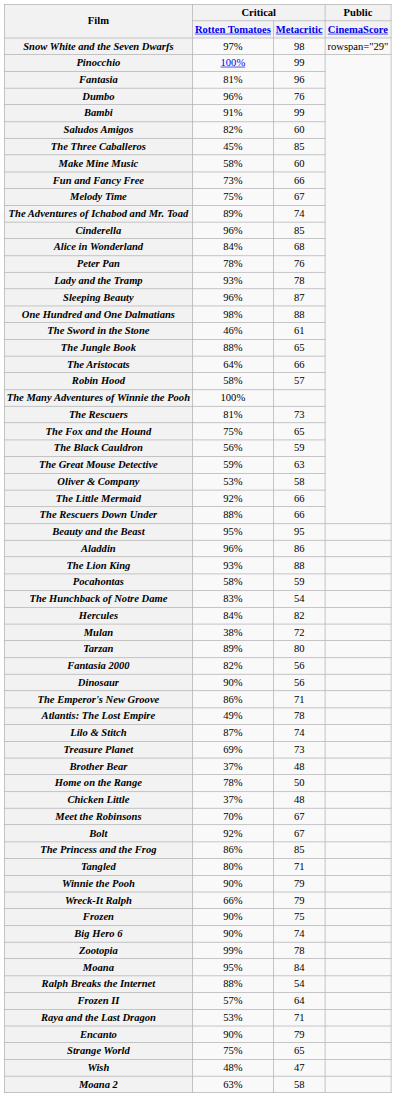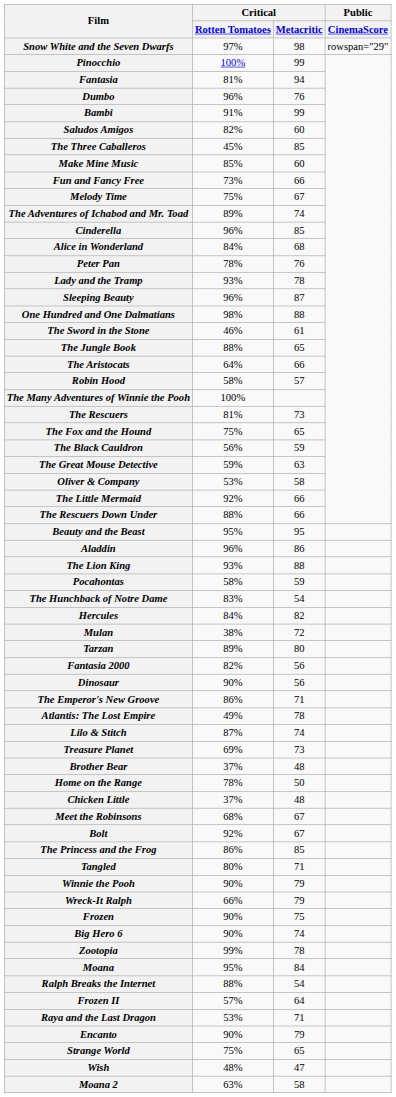 <table class="wikitable plainrowheaders sortable" style="text-align: center;">
 <tr>
 <th scope="col" rowspan="2">Film</th>
 <th scope="col" colspan="2">Critical</th>
 <th scope="col" colspan="2">Public</th>
 </tr>
 <tr>
 <th scope="col"><a href='#'>Rotten Tomatoes</a></th>
 <th scope="col"><a href='#'>Metacritic</a></th>
 <th scope="col"><a href='#'>CinemaScore</a></th>
 </tr>
 <tr>
 <th scope="row"><em>Snow White and the Seven Dwarfs</em></th>
 <td>97%</td>
 <td>98</td>
 <td>rowspan="29" </td>
 </tr>
 <tr>
 <th scope="row"><em>Pinocchio</em></th>
 <td><a href='#'>100%</a></td>
 <td>99</td>
 </tr>
 <tr>
 <th scope="row"><em>Fantasia</em></th>
 <td>81%</td>
-<td>96</td>
+<td>94</td>
 </tr>
 <tr>
 <th scope="row"><em>Dumbo</em></th>
 <td>96%</td>
 <td>76</td>
 </tr>
 <tr>
 <th scope="row"><em>Bambi</em></th>
 <td>91%</td>
 <td>99</td>
 </tr>
 <tr>
 <th scope="row"><em>Saludos Amigos</em></th>
 <td>82%</td>
 <td>60</td>
 </tr>
 <tr>
 <th scope="row"><em>The Three Caballeros</em></th>
 <td>45%</td>
 <td>85</td>
 </tr>
 <tr>
 <th scope="row"><em>Make Mine Music</em></th>
-<td>58%</td>
+<td>85%</td>
 <td>60</td>
 </tr>
 <tr>
 <th scope="row"><em>Fun and Fancy Free</em></th>
 <td>73%</td>
 <td>66</td>
 </tr>
 <tr>
 <th scope="row"><em>Melody Time</em></th>
 <td>75%</td>
 <td>67</td>
 </tr>
 <tr>
 <th scope="row"><em>The Adventures of Ichabod and Mr. Toad</em></th>
 <td>89%</td>
 <td>74</td>
 </tr>
 <tr>
 <th scope="row"><em>Cinderella</em></th>
 <td>96%</td>
 <td>85</td>
 </tr>
 <tr>
 <th scope="row"><em>Alice in Wonderland</em></th>
 <td>84%</td>
 <td>68</td>
 </tr>
 <tr>
 <th scope="row"><em>Peter Pan</em></th>
 <td>78%</td>
 <td>76</td>
 </tr>
 <tr>
 <th scope="row"><em>Lady and the Tramp</em></th>
 <td>93%</td>
 <td>78</td>
 </tr>
 <tr>
 <th scope="row"><em>Sleeping Beauty</em></th>
 <td>96%</td>
 <td>87</td>
 </tr>
 <tr>
 <th scope="row"><em>One Hundred and One Dalmatians</em></th>
 <td>98%</td>
 <td>88</td>
 </tr>
 <tr>
 <th scope="row"><em>The Sword in the Stone</em></th>
 <td>46%</td>
 <td>61</td>
 </tr>
 <tr>
 <th scope="row"><em>The Jungle Book</em></th>
 <td>88%</td>
 <td>65</td>
 </tr>
 <tr>
 <th scope="row"><em>The Aristocats</em></th>
 <td>64%</td>
 <td>66</td>
 </tr>
 <tr>
 <th scope="row"><em>Robin Hood</em></th>
 <td>58%</td>
 <td>57</td>
 </tr>
 <tr>
 <th scope="row"><em>The Many Adventures of Winnie the Pooh</em></th>
 <td>100%</td>
 <td></td>
 </tr>
 <tr>
 <th scope="row"><em>The Rescuers</em></th>
 <td>81%</td>
 <td>73</td>
 </tr>
 <tr>
 <th scope="row"><em>The Fox and the Hound</em></th>
 <td>75%</td>
 <td>65</td>
 </tr>
 <tr>
 <th scope="row"><em>The Black Cauldron</em></th>
 <td>56%</td>
 <td>59</td>
 </tr>
 <tr>
 <th scope="row"><em>The Great Mouse Detective</em></th>
 <td>59%</td>
 <td>63</td>
 </tr>
 <tr>
 <th scope="row"><em>Oliver & Company</em></th>
 <td>53%</td>
 <td>58</td>
 </tr>
 <tr>
 <th scope="row"><em>The Little Mermaid</em></th>
 <td>92%</td>
 <td>66</td>
 </tr>
 <tr>
 <th scope="row"><em>The Rescuers Down Under</em></th>
 <td>88%</td>
 <td>66</td>
 </tr>
 <tr>
 <th scope="row"><em>Beauty and the Beast</em></th>
 <td>95%</td>
 <td>95</td>
 <td></td>
 </tr>
 <tr>
 <th scope="row"><em>Aladdin</em></th>
 <td>96%</td>
 <td>86</td>
 <td></td>
 </tr>
 <tr>
 <th scope="row"><em>The Lion King</em></th>
 <td>93%</td>
 <td>88</td>
 <td></td>
 </tr>
 <tr>
 <th scope="row"><em>Pocahontas</em></th>
 <td>58%</td>
 <td>59</td>
 <td></td>
 </tr>
 <tr>
 <th scope="row"><em>The Hunchback of Notre Dame</em></th>
 <td>83%</td>
 <td>54</td>
 <td></td>
 </tr>
 <tr>
 <th scope="row"><em>Hercules</em></th>
 <td>84%</td>
 <td>82</td>
 <td></td>
 </tr>
 <tr>
 <th scope="row"><em>Mulan</em></th>
 <td>38%</td>
 <td>72</td>
 <td></td>
 </tr>
 <tr>
 <th scope="row"><em>Tarzan</em></th>
 <td>89%</td>
 <td>80</td>
 <td></td>
 </tr>
 <tr>
 <th scope="row"><em>Fantasia 2000</em></th>
 <td>82%</td>
 <td>56</td>
 <td></td>
 </tr>
 <tr>
 <th scope="row"><em>Dinosaur</em></th>
 <td>90%</td>
 <td>56</td>
 <td></td>
 </tr>
 <tr>
 <th scope="row"><em>The Emperor's New Groove</em></th>
 <td>86%</td>
 <td>71</td>
 <td></td>
 </tr>
 <tr>
 <th scope="row"><em>Atlantis: The Lost Empire</em></th>
 <td>49%</td>
 <td>78</td>
 <td></td>
 </tr>
 <tr>
 <th scope="row"><em>Lilo & Stitch</em></th>
 <td>87%</td>
 <td>74</td>
 <td></td>
 </tr>
 <tr>
 <th scope="row"><em>Treasure Planet</em></th>
 <td>69%</td>
 <td>73</td>
 <td></td>
 </tr>
 <tr>
 <th scope="row"><em>Brother Bear</em></th>
 <td>37%</td>
 <td>48</td>
 <td></td>
 </tr>
 <tr>
 <th scope="row"><em>Home on the Range</em></th>
 <td>78%</td>
 <td>50</td>
 <td></td>
 </tr>
 <tr>
 <th scope="row"><em>Chicken Little</em></th>
 <td>37%</td>
 <td>48</td>
 <td></td>
 </tr>
 <tr>
 <th scope="row"><em>Meet the Robinsons</em></th>
-<td>70%</td>
+<td>68%</td>
 <td>67</td>
 <td></td>
 </tr>
 <tr>
 <th scope="row"><em>Bolt</em></th>
 <td>92%</td>
 <td>67</td>
 <td></td>
 </tr>
 <tr>
 <th scope="row"><em>The Princess and the Frog</em></th>
 <td>86%</td>
 <td>85</td>
 <td></td>
 </tr>
 <tr>
 <th scope="row"><em>Tangled</em></th>
 <td>80%</td>
 <td>71</td>
 <td></td>
 </tr>
 <tr>
 <th scope="row"><em>Winnie the Pooh</em></th>
 <td>90%</td>
 <td>79</td>
 <td></td>
 </tr>
 <tr>
 <th scope="row"><em>Wreck-It Ralph</em></th>
 <td>66%</td>
 <td>79</td>
 <td></td>
 </tr>
 <tr>
 <th scope="row"><em>Frozen</em></th>
 <td>90%</td>
 <td>75</td>
 <td></td>
 </tr>
 <tr>
 <th scope="row"><em>Big Hero 6</em></th>
 <td>90%</td>
 <td>74</td>
 <td></td>
 </tr>
 <tr>
 <th scope="row"><em>Zootopia</em></th>
 <td>99%</td>
 <td>78</td>
 <td></td>
 </tr>
 <tr>
 <th scope="row"><em>Moana</em></th>
 <td>95%</td>
 <td>84</td>
 <td></td>
 </tr>
 <tr>
 <th scope="row"><em>Ralph Breaks the Internet</em></th>
 <td>88%</td>
 <td>54</td>
 <td></td>
 </tr>
 <tr>
 <th scope="row"><em>Frozen II</em></th>
 <td>57%</td>
 <td>64</td>
 <td></td>
 </tr>
 <tr>
 <th scope="row"><em>Raya and the Last Dragon</em></th>
 <td>53%</td>
 <td>71</td>
 <td></td>
 </tr>
 <tr>
 <th scope="row"><em>Encanto</em></th>
 <td>90%</td>
 <td>79</td>
 <td></td>
 </tr>
 <tr>
 <th scope="row"><em>Strange World</em></th>
 <td>75%</td>
 <td>65</td>
 <td></td>
 </tr>
 <tr>
 <th scope="row"><em>Wish</em></th>
 <td>48%</td>
 <td>47</td>
 <td></td>
 </tr>
 <tr>
 <th scope="row"><em>Moana 2</em></th>
 <td>63%</td>
 <td>58</td>
 <td></td>
 </tr>
 </table>
